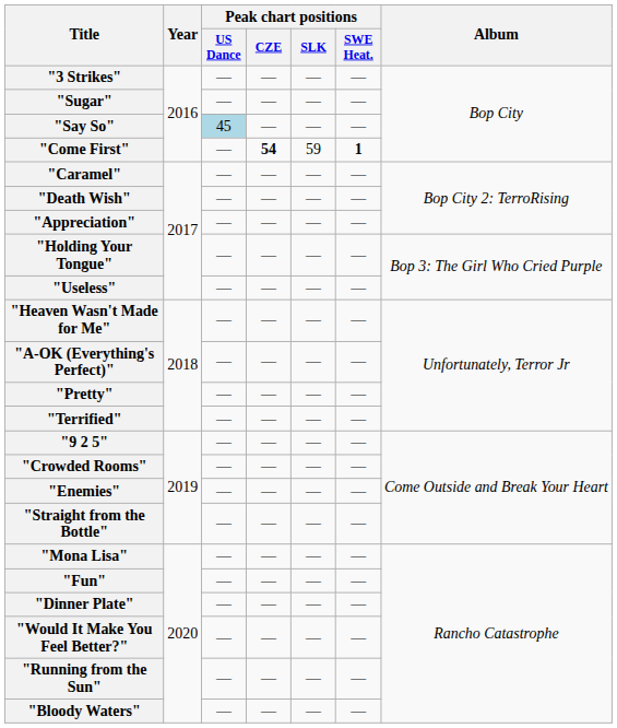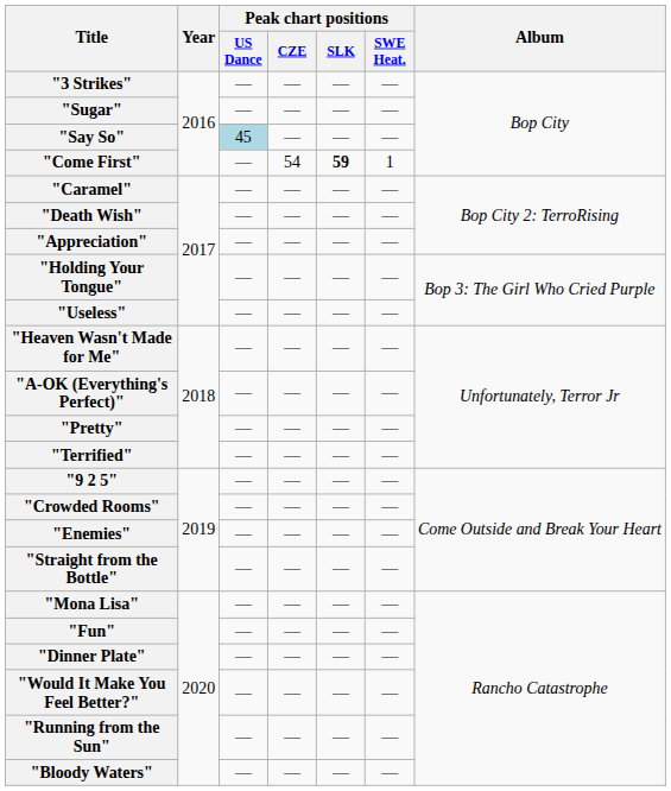 <table class="wikitable plainrowheaders" style="text-align:center;">
 <tr>
 <th scope="col" style="width:10em;" rowspan="2">Title</th>
 <th scope="col" style="width:1em;" rowspan="2">Year</th>
 <th scope="col" colspan="4">Peak chart positions</th>
 <th scope="col" rowspan="2">Album</th>
 </tr>
 <tr>
 <th scope="col" style="width:3em;font-size:85%;"><a href='#'>US<br>Dance</a><br></th>
 <th scope="col" style="width:3em;font-size:85%;"><a href='#'>CZE</a><br></th>
 <th scope="col" style="width:3em;font-size:85%;"><a href='#'>SLK</a><br></th>
 <th scope="col" style="width:3em;font-size:85%;"><a href='#'>SWE<br>Heat.</a><br></th>
 </tr>
 <tr>
 <th scope="row">"3 Strikes"</th>
 <td rowspan="4">2016</td>
 <td>—</td>
 <td>—</td>
 <td>—</td>
 <td>—</td>
 <td rowspan="4"><em>Bop City</em></td>
 </tr>
 <tr>
 <th scope="row">"Sugar"</th>
 <td>—</td>
 <td>—</td>
 <td>—</td>
 <td>—</td>
 </tr>
 <tr>
 <th scope="row">"Say So"</th>
 <td style="background: lightblue;">45</td>
 <td>—</td>
 <td>—</td>
 <td>—</td>
 </tr>
 <tr>
 <th scope="row">"Come First"</th>
 <td>—</td>
-<td><strong>54</strong></td>
-<td>59</td>
-<td><strong>1</strong></td>
+<td>54</td>
+<td><strong>59</strong></td>
+<td>1</td>
 </tr>
 <tr>
 <th scope="row">"Caramel"</th>
 <td rowspan="5">2017</td>
 <td>—</td>
 <td>—</td>
 <td>—</td>
 <td>—</td>
 <td rowspan="3"><em>Bop City 2: TerroRising</em></td>
 </tr>
 <tr>
 <th scope="row">"Death Wish"</th>
 <td>—</td>
 <td>—</td>
 <td>—</td>
 <td>—</td>
 </tr>
 <tr>
 <th scope="row">"Appreciation"</th>
 <td>—</td>
 <td>—</td>
 <td>—</td>
 <td>—</td>
 </tr>
 <tr>
 <th scope="row">"Holding Your Tongue"</th>
 <td>—</td>
 <td>—</td>
 <td>—</td>
 <td>—</td>
 <td rowspan="2"><em>Bop 3: The Girl Who Cried Purple</em></td>
 </tr>
 <tr>
 <th scope="row">"Useless"</th>
 <td>—</td>
 <td>—</td>
 <td>—</td>
 <td>—</td>
 </tr>
 <tr>
 <th scope="row">"Heaven Wasn't Made for Me"</th>
 <td rowspan="4">2018</td>
 <td>—</td>
 <td>—</td>
 <td>—</td>
 <td>—</td>
 <td rowspan="4"><em>Unfortunately, Terror Jr</em></td>
 </tr>
 <tr>
 <th scope="row">"A-OK (Everything's Perfect)"</th>
 <td>—</td>
 <td>—</td>
 <td>—</td>
 <td>—</td>
 </tr>
 <tr>
 <th scope="row">"Pretty"</th>
 <td>—</td>
 <td>—</td>
 <td>—</td>
 <td>—</td>
 </tr>
 <tr>
 <th scope="row">"Terrified"</th>
 <td>—</td>
 <td>—</td>
 <td>—</td>
 <td>—</td>
 </tr>
 <tr>
 <th scope="row">"9 2 5"</th>
 <td rowspan="4">2019</td>
 <td>—</td>
 <td>—</td>
 <td>—</td>
 <td>—</td>
 <td rowspan="4"><em>Come Outside and Break Your Heart</em></td>
 </tr>
 <tr>
 <th scope="row">"Crowded Rooms"</th>
 <td>—</td>
 <td>—</td>
 <td>—</td>
 <td>—</td>
 </tr>
 <tr>
 <th scope="row">"Enemies"</th>
 <td>—</td>
 <td>—</td>
 <td>—</td>
 <td>—</td>
 </tr>
 <tr>
 <th scope="row">"Straight from the Bottle"</th>
 <td>—</td>
 <td>—</td>
 <td>—</td>
 <td>—</td>
 </tr>
 <tr>
 <th scope="row">"Mona Lisa"</th>
 <td rowspan="6">2020</td>
 <td>—</td>
 <td>—</td>
 <td>—</td>
 <td>—</td>
 <td rowspan="6"><em>Rancho Catastrophe</em></td>
 </tr>
 <tr>
 <th scope="row">"Fun"</th>
 <td>—</td>
 <td>—</td>
 <td>—</td>
 <td>—</td>
 </tr>
 <tr>
 <th scope="row">"Dinner Plate"</th>
 <td>—</td>
 <td>—</td>
 <td>—</td>
 <td>—</td>
 </tr>
 <tr>
 <th scope="row">"Would It Make You Feel Better?"</th>
 <td>—</td>
 <td>—</td>
 <td>—</td>
 <td>—</td>
 </tr>
 <tr>
 <th scope="row">"Running from the Sun"</th>
 <td>—</td>
 <td>—</td>
 <td>—</td>
 <td>—</td>
 </tr>
 <tr>
 <th scope="row">"Bloody Waters"</th>
 <td>—</td>
 <td>—</td>
 <td>—</td>
 <td>—</td>
 </tr>
 </table>
